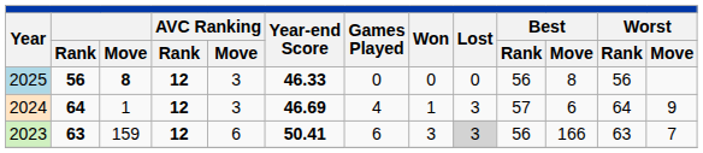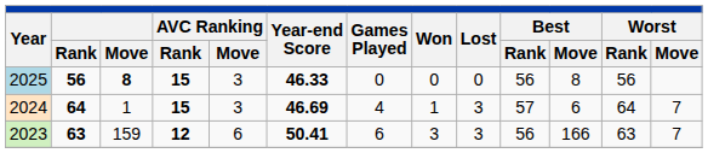 <table class="wikitable sortable" style="text-align:center;">
 <tr>
 <th colspan=13 style="background: #0038A8; color: #FFFFFF;"><a href='#'></a></th>
 </tr>
 <tr>
 <th rowspan=2>Year</th>
 <th colspan=2></th>
 <th colspan=2>AVC Ranking</th>
 <th rowspan=2>Year-end<br> Score</th>
 <th rowspan=2>Games<br>Played</th>
 <th rowspan=2>Won</th>
 <th rowspan=2>Lost</th>
 <th colspan=2>Best</th>
 <th colspan=2>Worst</th>
 </tr>
 <tr>
 <th>Rank</th>
 <th>Move</th>
 <th>Rank</th>
 <th>Move</th>
 <th>Rank</th>
 <th>Move</th>
 <th>Rank</th>
 <th>Move</th>
 </tr>
 <tr>
 <td style="background-color:#add8e6;">2025</td>
 <td><strong>56</strong></td>
 <td style="text-align:center"><strong> 8</strong></td>
-<td><strong>12</strong></td>
+<td><strong>15</strong></td>
 <td style="text-align:center"> 3</td>
 <td><strong>46.33</strong></td>
 <td>0</td>
 <td>0</td>
 <td>0</td>
 <td>56</td>
 <td style="text-align:center"> 8</td>
 <td>56</td>
 <td style="text-align:center"></td>
 </tr>
 <tr>
 <td style="background-color:#ffe4c4;">2024</td>
 <td><strong>64</strong></td>
 <td align=center> 1</td>
-<td><strong>12</strong></td>
+<td><strong>15</strong></td>
 <td align=center> 3</td>
 <td><strong>46.69</strong></td>
 <td>4</td>
 <td>1</td>
 <td>3</td>
 <td>57</td>
 <td align=center> 6</td>
 <td>64</td>
-<td align=center> 9</td>
+<td align=center> 7</td>
 </tr>
 <tr>
 <td style="background-color:#d0f0c0;">2023</td>
 <td><strong>63</strong></td>
 <td align=center> 159</td>
 <td><strong>12</strong></td>
 <td align=center> 6</td>
 <td><strong>50.41</strong></td>
 <td>6</td>
 <td>3</td>
-<td style="background: lightgrey;">3</td>
+<td>3</td>
 <td>56</td>
 <td align=center> 166</td>
 <td>63</td>
 <td align=center> 7</td>
 </tr>
 <tr>
 </tr>
 </table>
